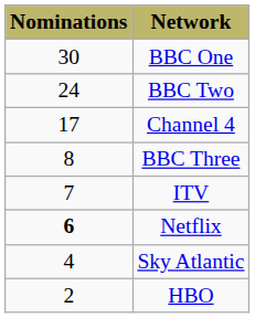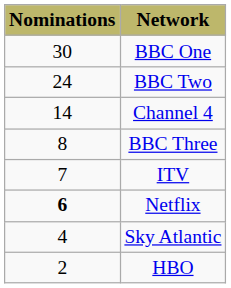 <table class="wikitable" style="text-align:center;">
 <tr>
 <th style="background:#BDB76B;">Nominations</th>
 <th style="background:#BDB76B;">Network</th>
 </tr>
 <tr>
 <td>30</td>
 <td><a href='#'>BBC One</a></td>
 </tr>
 <tr>
 <td>24</td>
 <td><a href='#'>BBC Two</a></td>
 </tr>
 <tr>
-<td>17</td>
+<td>14</td>
 <td><a href='#'>Channel 4</a></td>
 </tr>
 <tr>
 <td>8</td>
 <td><a href='#'>BBC Three</a></td>
 </tr>
 <tr>
 <td>7</td>
 <td><a href='#'>ITV</a></td>
 </tr>
 <tr>
 <td><strong>6</strong></td>
 <td><a href='#'>Netflix</a></td>
 </tr>
 <tr>
 <td>4</td>
 <td><a href='#'>Sky Atlantic</a></td>
 </tr>
 <tr>
 <td>2</td>
 <td><a href='#'>HBO</a></td>
 </tr>
 </table>
